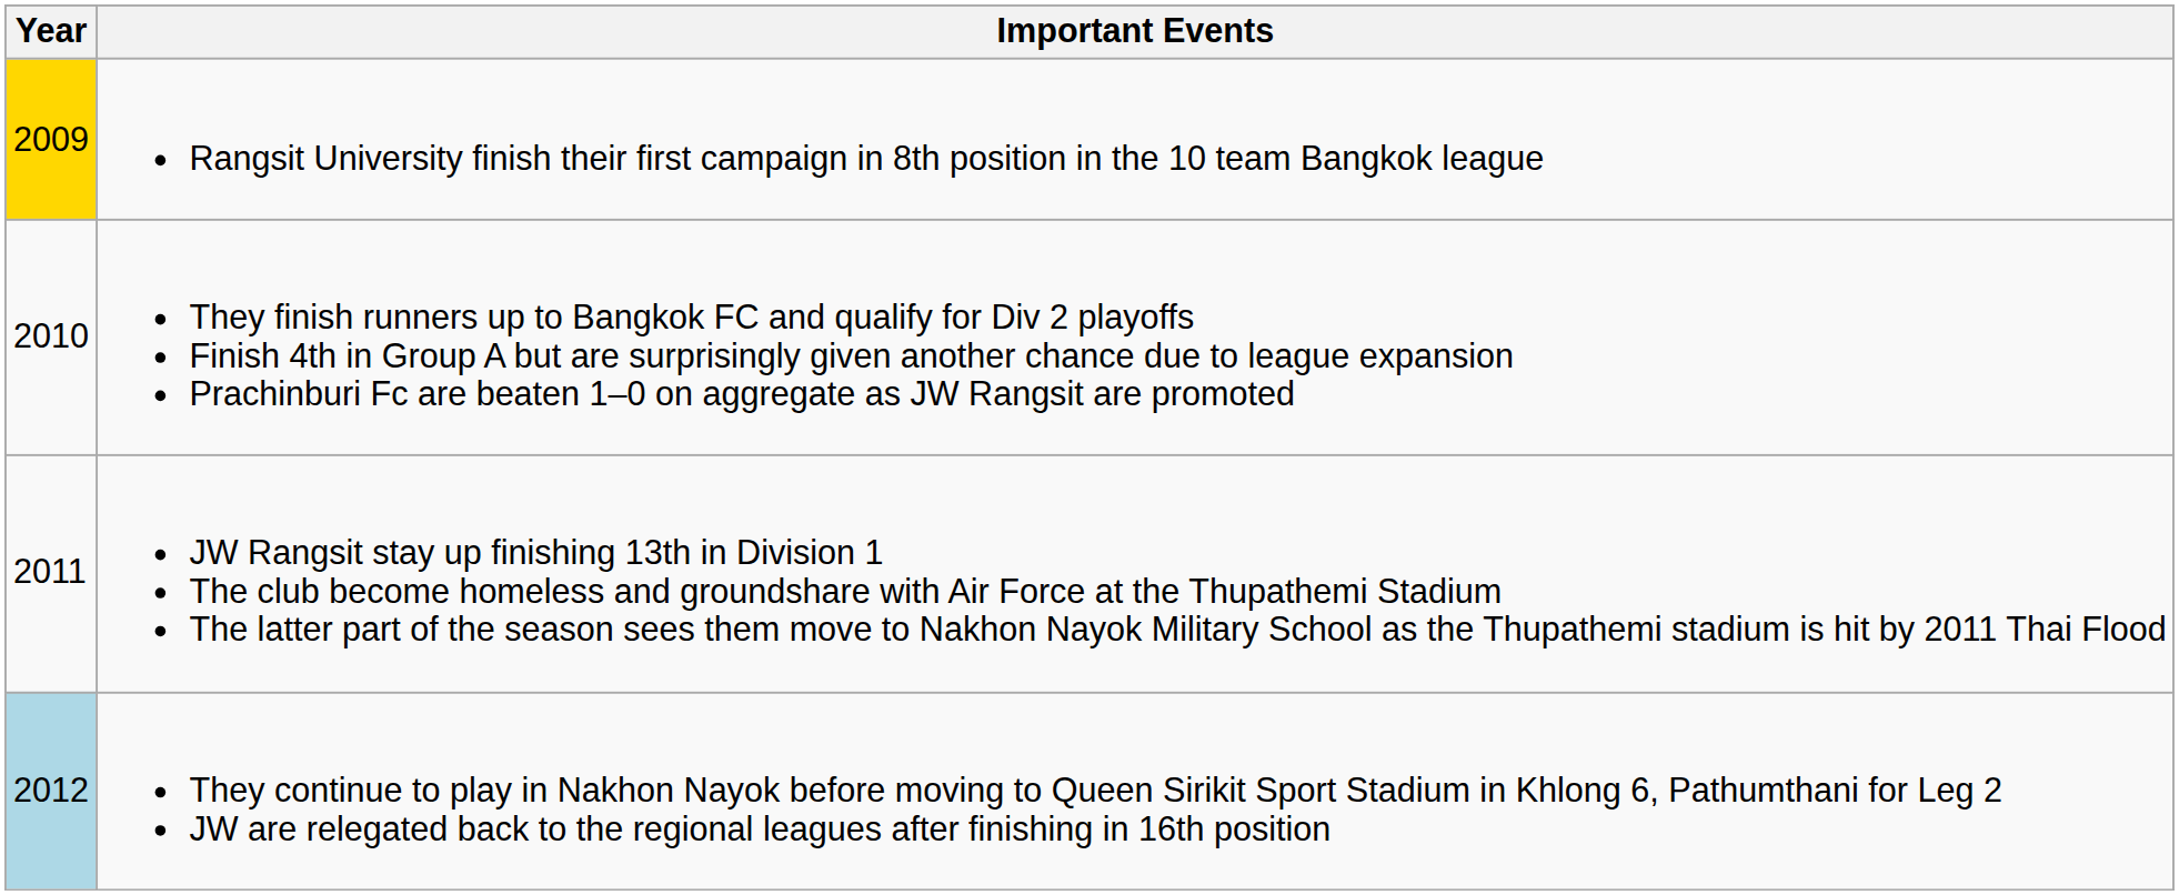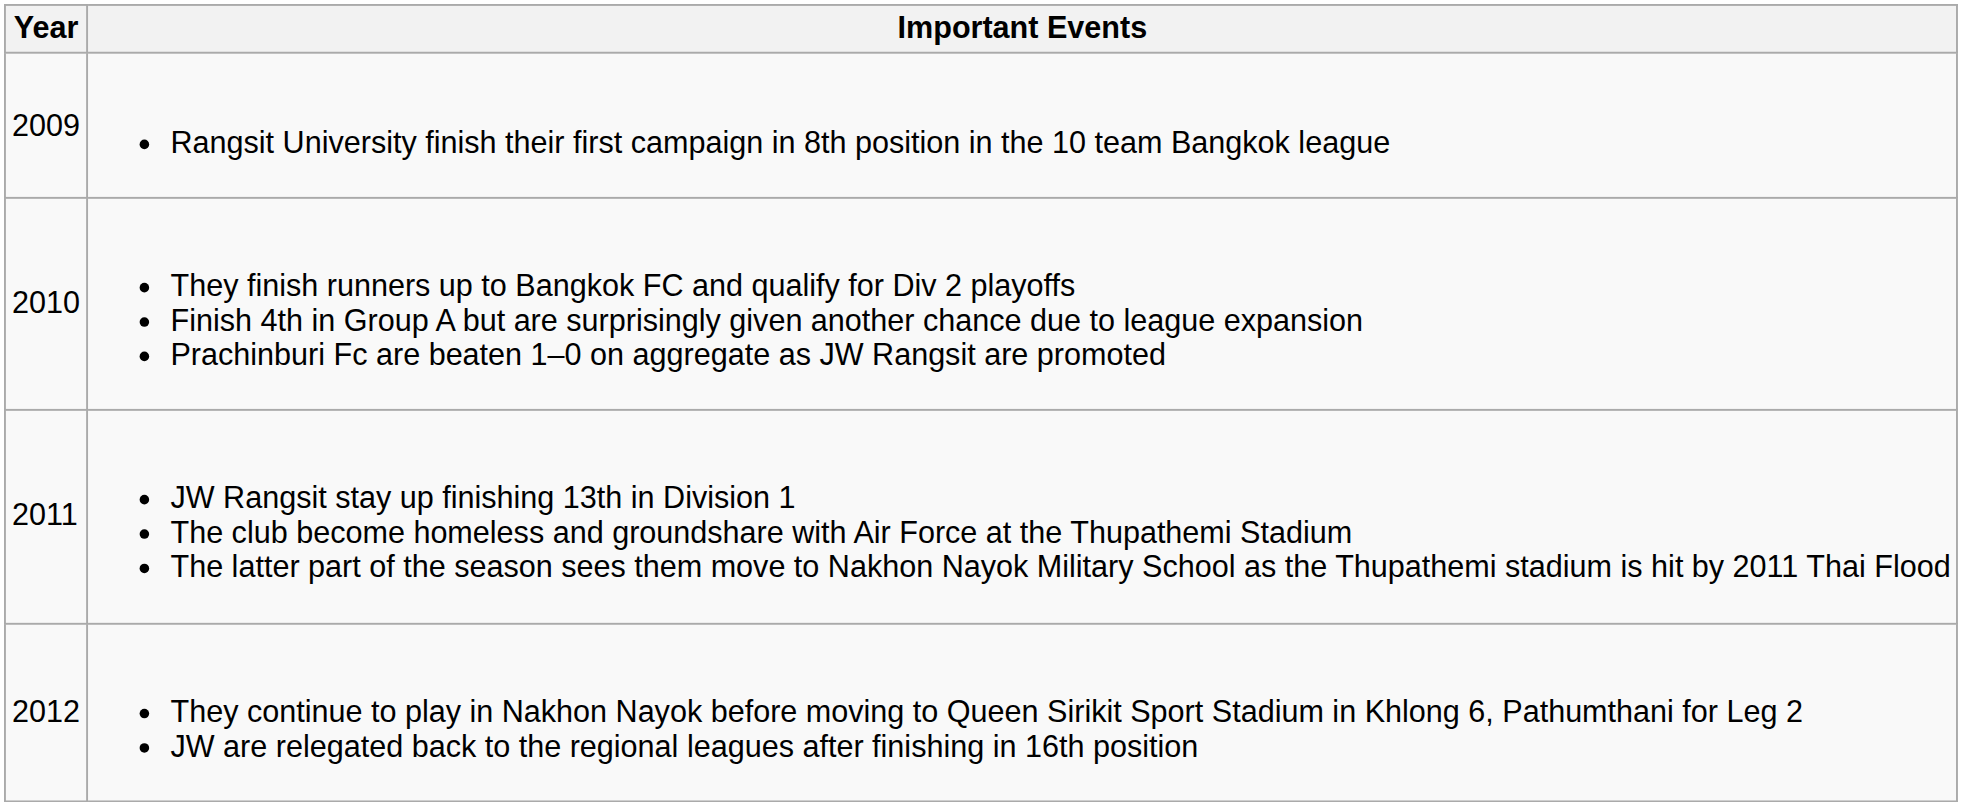 <table class="wikitable">
 <tr>
 <th>Year</th>
 <th>Important Events</th>
 </tr>
 <tr>
-<td style="background: gold;">2009</td>
+<td>2009</td>
 <td><br><ul><li>Rangsit University finish their first campaign in 8th position in the 10 team Bangkok league</li></ul></td>
 </tr>
 <tr>
 <td>2010</td>
 <td><br><ul><li>They finish runners up to Bangkok FC and qualify for Div 2 playoffs</li><li>Finish 4th in Group A but are surprisingly given another chance due to league expansion</li><li>Prachinburi Fc are beaten 1–0 on aggregate as JW Rangsit are promoted</li></ul></td>
 </tr>
 <tr>
 <td>2011</td>
 <td><br><ul><li>JW Rangsit stay up finishing 13th in Division 1</li><li>The club become homeless and groundshare with Air Force at the Thupathemi Stadium</li><li>The latter part of the season sees them move to Nakhon Nayok Military School as the Thupathemi stadium is hit by 2011 Thai Flood</li></ul></td>
 </tr>
 <tr>
-<td style="background: lightblue;">2012</td>
+<td>2012</td>
 <td><br><ul><li>They continue to play in Nakhon Nayok before moving to Queen Sirikit Sport Stadium in Khlong 6, Pathumthani for Leg 2</li><li>JW are relegated back to the regional leagues after finishing in 16th position</li></ul></td>
 </tr>
 </table>
